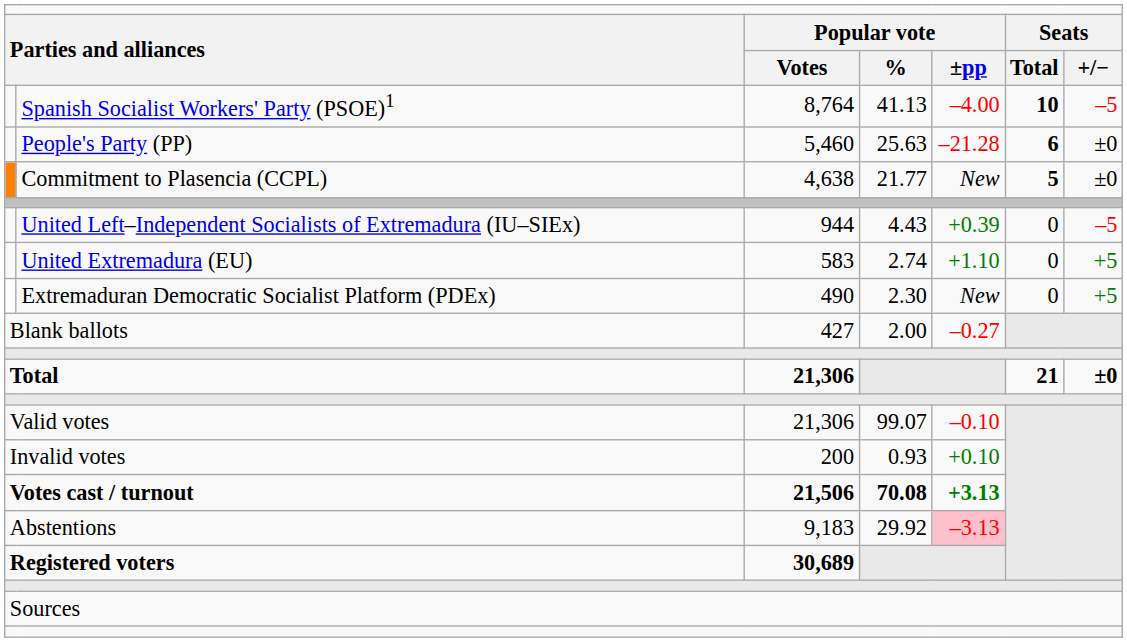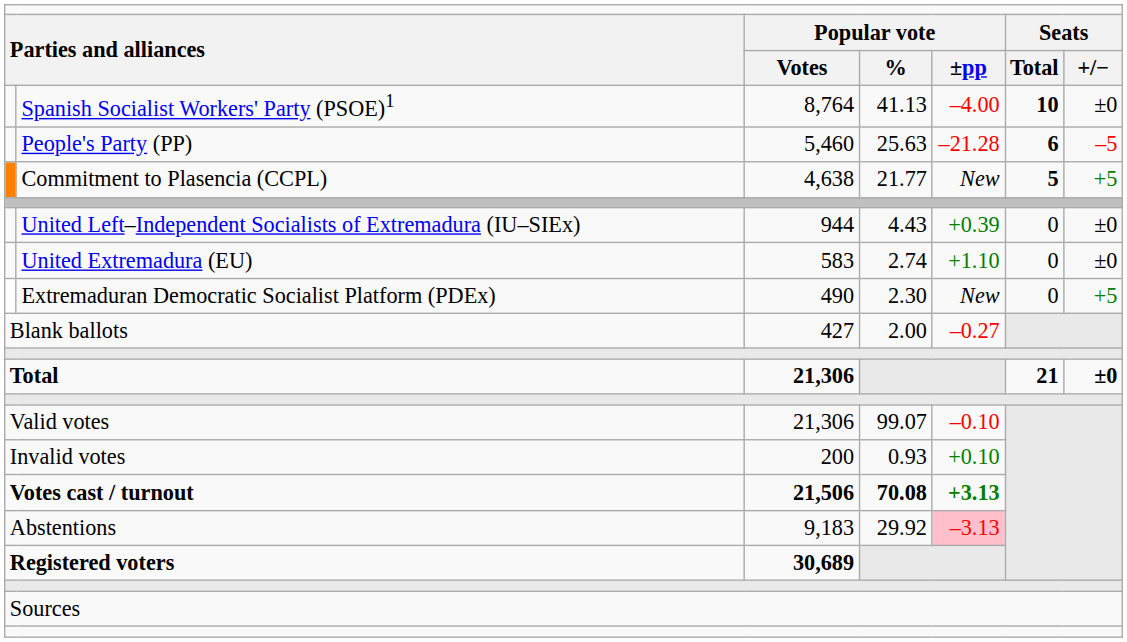 <table class="wikitable" style="text-align:right;">
 <tr>
 <td colspan="7"></td>
 </tr>
 <tr>
 <th style="text-align:left;" rowspan="2" colspan="2" width="525">Parties and alliances</th>
 <th colspan="3">Popular vote</th>
 <th colspan="2">Seats</th>
 </tr>
 <tr>
 <th width="75">Votes</th>
 <th width="45">%</th>
 <th width="45">±<a href='#'>pp</a></th>
 <th width="35">Total</th>
 <th width="35">+/−</th>
 </tr>
 <tr>
 <td width="1" style="color:inherit;background:"></td>
 <td align="left"><a href='#'>Spanish Socialist Workers' Party</a> (PSOE)<sup>1</sup></td>
 <td>8,764</td>
 <td>41.13</td>
 <td style="color:red;">–4.00</td>
 <td><strong>10</strong></td>
-<td style="color:red;">–5</td>
+<td>±0</td>
 </tr>
 <tr>
 <td style="color:inherit;background:"></td>
 <td align="left"><a href='#'>People's Party</a> (PP)</td>
 <td>5,460</td>
 <td>25.63</td>
 <td style="color:red;">–21.28</td>
 <td><strong>6</strong></td>
-<td>±0</td>
+<td style="color:red;">–5</td>
 </tr>
 <tr>
 <td bgcolor="#FF7F00"></td>
 <td align="left">Commitment to Plasencia (CCPL)</td>
 <td>4,638</td>
 <td>21.77</td>
 <td><em>New</em></td>
 <td><strong>5</strong></td>
-<td>±0</td>
+<td style="color:green;">+5</td>
 </tr>
 <tr>
 <td colspan="7" bgcolor="#C0C0C0"></td>
 </tr>
 <tr>
 <td style="color:inherit;background:"></td>
 <td align="left"><a href='#'>United Left</a>–<a href='#'>Independent Socialists of Extremadura</a> (IU–SIEx)</td>
 <td>944</td>
 <td>4.43</td>
 <td style="color:green;">+0.39</td>
 <td>0</td>
-<td style="color:red;">–5</td>
+<td>±0</td>
 </tr>
 <tr>
 <td style="color:inherit;background:"></td>
 <td align="left"><a href='#'>United Extremadura</a> (EU)</td>
 <td>583</td>
 <td>2.74</td>
 <td style="color:green;">+1.10</td>
 <td>0</td>
-<td style="color:green;">+5</td>
+<td>±0</td>
 </tr>
 <tr>
 <td bgcolor="white"></td>
 <td align="left">Extremaduran Democratic Socialist Platform (PDEx)</td>
 <td>490</td>
 <td>2.30</td>
 <td><em>New</em></td>
 <td>0</td>
 <td style="color:green;">+5</td>
 </tr>
 <tr>
 <td align="left" colspan="2">Blank ballots</td>
 <td>427</td>
 <td>2.00</td>
 <td style="color:red;">–0.27</td>
 <td bgcolor="#E9E9E9" colspan="2"></td>
 </tr>
 <tr>
 <td colspan="7" bgcolor="#E9E9E9"></td>
 </tr>
 <tr style="font-weight:bold;">
 <td align="left" colspan="2">Total</td>
 <td>21,306</td>
 <td bgcolor="#E9E9E9" colspan="2"></td>
 <td>21</td>
 <td>±0</td>
 </tr>
 <tr>
 <td colspan="7" bgcolor="#E9E9E9"></td>
 </tr>
 <tr>
 <td align="left" colspan="2">Valid votes</td>
 <td>21,306</td>
 <td>99.07</td>
 <td style="color:red;">–0.10</td>
 <td bgcolor="#E9E9E9" colspan="2" rowspan="5"></td>
 </tr>
 <tr>
 <td align="left" colspan="2">Invalid votes</td>
 <td>200</td>
 <td>0.93</td>
 <td style="color:green;">+0.10</td>
 </tr>
 <tr style="font-weight:bold;">
 <td align="left" colspan="2">Votes cast / turnout</td>
 <td>21,506</td>
 <td>70.08</td>
 <td style="color:green;">+3.13</td>
 </tr>
 <tr>
 <td align="left" colspan="2">Abstentions</td>
 <td>9,183</td>
 <td>29.92</td>
 <td style="background: pink; color:red;">–3.13</td>
 </tr>
 <tr style="font-weight:bold;">
 <td align="left" colspan="2">Registered voters</td>
 <td>30,689</td>
 <td bgcolor="#E9E9E9" colspan="2"></td>
 </tr>
 <tr>
 <td colspan="7" bgcolor="#E9E9E9"></td>
 </tr>
 <tr>
 <td align="left" colspan="7">Sources</td>
 </tr>
 <tr>
 <td colspan="7" style="text-align:left; max-width:790px;"></td>
 </tr>
 </table>
